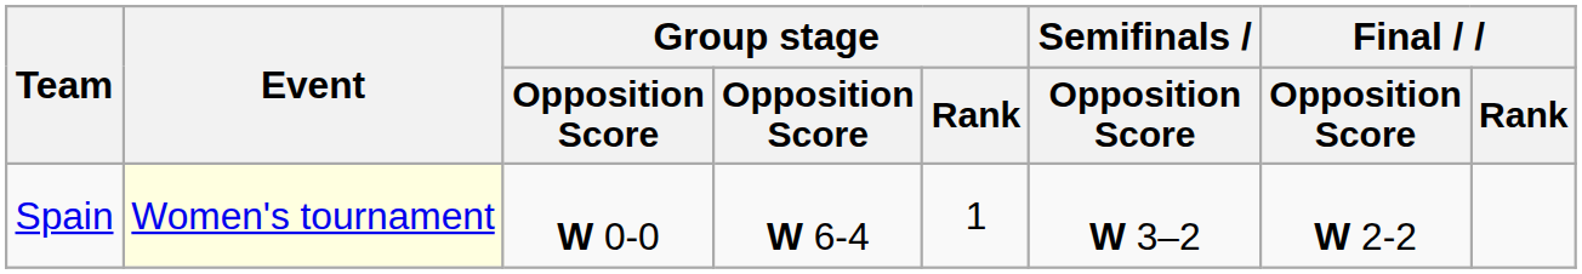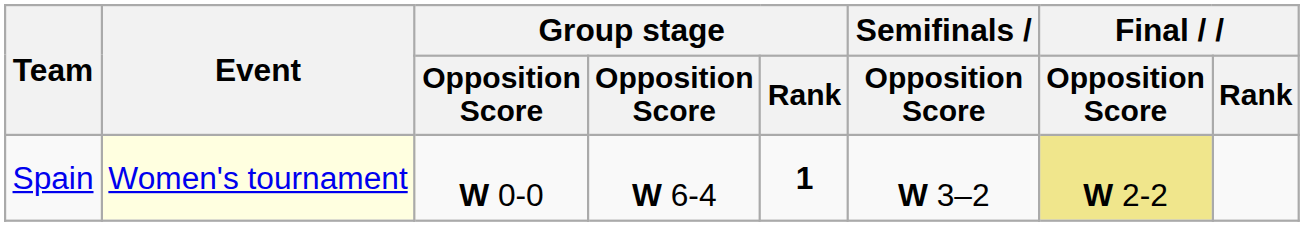 <table class="wikitable" style="text-align:center; font-size:90%">
 <tr>
 <th rowspan=2>Team</th>
 <th rowspan=2>Event</th>
 <th colspan=3>Group stage</th>
 <th>Semifinals / </th>
 <th colspan=2>Final /  / </th>
 </tr>
 <tr style="font-size:95%">
 <th>Opposition<br>Score</th>
 <th>Opposition<br>Score</th>
 <th>Rank</th>
 <th>Opposition<br>Score</th>
 <th>Opposition<br>Score</th>
 <th>Rank</th>
 </tr>
 <tr>
 <td align=left><a href='#'>Spain</a></td>
 <td style="background: lightyellow;"><a href='#'>Women's tournament</a></td>
 <td><br><strong>W</strong> 0-0 </td>
 <td><br><strong>W</strong> 6-4</td>
-<td>1</td>
+<td><strong>1</strong></td>
 <td><br><strong>W</strong> 3–2</td>
-<td><br><strong>W</strong> 2-2 </td>
+<td style="background: khaki;"><br><strong>W</strong> 2-2 </td>
 <td></td>
 </tr>
 </table>
